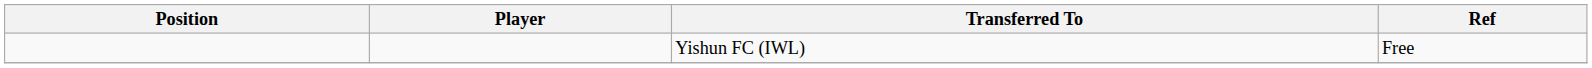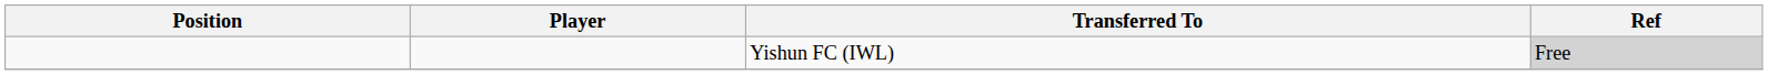 <table class="wikitable sortable" style="width:70%; text-align:center; font-size:100%; text-align:left;">
 <tr>
 <th><strong>Position</strong></th>
 <th><strong>Player</strong></th>
 <th><strong>Transferred To</strong></th>
 <th><strong>Ref</strong></th>
 </tr>
 <tr>
 <td></td>
 <td></td>
 <td> Yishun FC (IWL)</td>
-<td>Free</td>
+<td style="background: lightgrey;">Free</td>
 </tr>
 <tr>
 </tr>
 </table>
